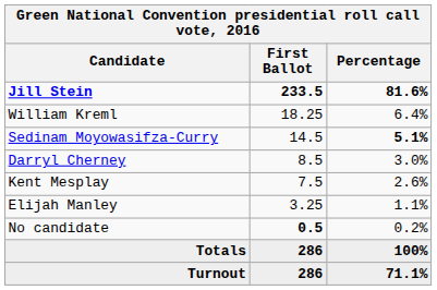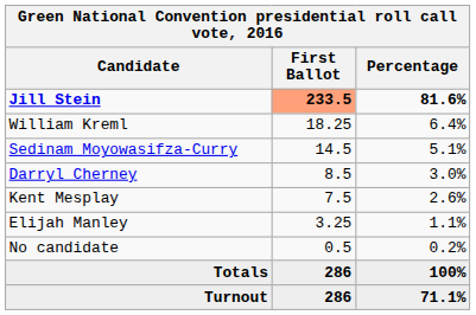 <table class="wikitable" style="font-size: 95%">
 <tr>
 <th colspan="3">Green National Convention presidential roll call vote, 2016</th>
 </tr>
 <tr>
 <th style="width: 17em">Candidate</th>
 <th style="width: 5em">First Ballot</th>
 <th style="width: 7em">Percentage</th>
 </tr>
 <tr>
 <td><strong><a href='#'>Jill Stein</a></strong></td>
-<td style="text-align:right;"><strong>233.5</strong></td>
+<td style="background: lightsalmon; text-align:right;"><strong>233.5</strong></td>
 <td style="text-align:right;"><strong>81.6%</strong></td>
 </tr>
 <tr>
 <td>William Kreml</td>
 <td style="text-align:right;">18.25</td>
 <td style="text-align:right;">6.4%</td>
 </tr>
 <tr>
 <td><a href='#'>Sedinam Moyowasifza-Curry</a></td>
 <td style="text-align:right;">14.5</td>
-<td style="text-align:right;"><strong>5.1%</strong></td>
+<td style="text-align:right;">5.1%</td>
 </tr>
 <tr>
 <td><a href='#'>Darryl Cherney</a></td>
 <td style="text-align:right;">8.5</td>
 <td style="text-align:right;">3.0%</td>
 </tr>
 <tr>
 <td>Kent Mesplay</td>
 <td style="text-align:right;">7.5</td>
 <td style="text-align:right;">2.6%</td>
 </tr>
 <tr>
 <td>Elijah Manley</td>
 <td style="text-align:right;">3.25</td>
 <td style="text-align:right;">1.1%</td>
 </tr>
 <tr>
 <td>No candidate</td>
-<td style="text-align:right;"><strong>0.5</strong></td>
+<td style="text-align:right;">0.5</td>
 <td style="text-align:right;">0.2%</td>
 </tr>
 <tr style="background:#eee; text-align:right;">
 <td><strong>Totals</strong></td>
 <td><strong>286</strong></td>
 <td><strong>100%</strong></td>
 </tr>
 <tr style="background:#eee; text-align:right;">
 <td><strong>Turnout</strong></td>
 <td><strong>286</strong></td>
 <td><strong>71.1%</strong></td>
 </tr>
 </table>
